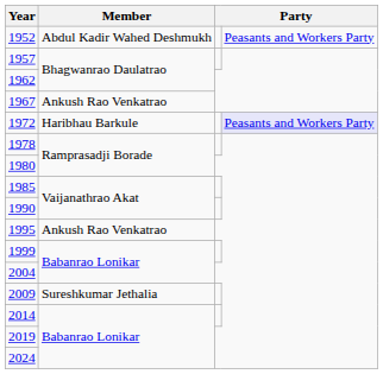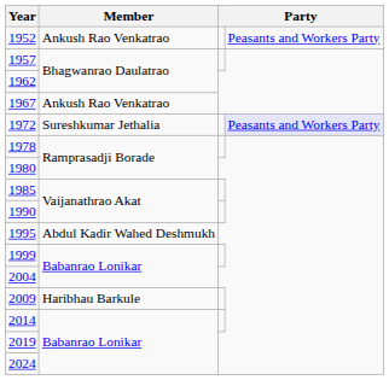 <table class="wikitable">
 <tr>
 <th>Year</th>
 <th>Member</th>
 <th colspan="2">Party</th>
 </tr>
 <tr>
 <td><a href='#'>1952</a></td>
-<td>Abdul Kadir Wahed Deshmukh</td>
+<td>Ankush Rao Venkatrao</td>
 <td style="background-color: "></td>
 <td><a href='#'>Peasants and Workers Party</a></td>
 </tr>
 <tr>
 <td><a href='#'>1957</a></td>
 <td rowspan="2">Bhagwanrao Daulatrao</td>
 <td></td>
 </tr>
 <tr>
 <td><a href='#'>1962</a></td>
 </tr>
 <tr>
 <td><a href='#'>1967</a></td>
 <td>Ankush Rao Venkatrao</td>
 </tr>
 <tr>
 <td><a href='#'>1972</a></td>
-<td>Haribhau Barkule</td>
+<td>Sureshkumar Jethalia</td>
 <td style="background-color: "></td>
 <td style="background: lavender;"><a href='#'>Peasants and Workers Party</a></td>
 </tr>
 <tr>
 <td><a href='#'>1978</a></td>
 <td rowspan="2">Ramprasadji Borade</td>
 <td></td>
 </tr>
 <tr>
 <td><a href='#'>1980</a></td>
 </tr>
 <tr>
 <td><a href='#'>1985</a></td>
 <td rowspan="2">Vaijanathrao Akat</td>
 <td></td>
 </tr>
 <tr>
 <td><a href='#'>1990</a></td>
 <td></td>
 </tr>
 <tr>
 <td><a href='#'>1995</a></td>
-<td>Ankush Rao Venkatrao</td>
+<td>Abdul Kadir Wahed Deshmukh</td>
 </tr>
 <tr>
 <td><a href='#'>1999</a></td>
 <td rowspan="2"><a href='#'>Babanrao Lonikar</a></td>
 <td></td>
 </tr>
 <tr>
 <td><a href='#'>2004</a></td>
 </tr>
 <tr>
 <td><a href='#'>2009</a></td>
-<td>Sureshkumar Jethalia</td>
+<td>Haribhau Barkule</td>
 <td></td>
 </tr>
 <tr>
 <td><a href='#'>2014</a></td>
 <td rowspan="3"><a href='#'>Babanrao Lonikar</a></td>
 <td></td>
 </tr>
 <tr>
 <td><a href='#'>2019</a></td>
 </tr>
 <tr>
 <td><a href='#'>2024</a></td>
 </tr>
 </table>
